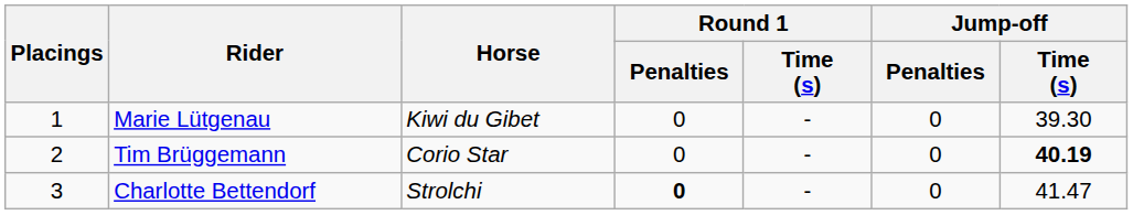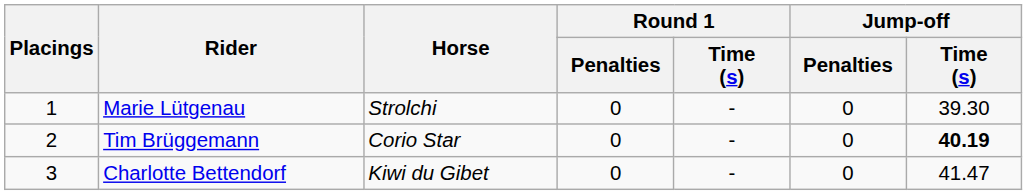 <table class="wikitable" style="font-size: 90%">
 <tr>
 <th rowspan=2 width=20>Placings </th>
 <th rowspan=2 width=180>Rider</th>
 <th rowspan=2 width=130>Horse</th>
 <th colspan=2>Round 1</th>
 <th colspan=2>Jump-off</th>
 </tr>
 <tr>
 <th width=75>Penalties</th>
 <th width=75>Time<br>(<a href='#'>s</a>)</th>
 <th width=75>Penalties</th>
 <th width=75>Time<br>(<a href='#'>s</a>)</th>
 </tr>
 <tr>
 <td align=center>1</td>
 <td> <a href='#'>Marie Lütgenau</a></td>
-<td><em>Kiwi du Gibet</em></td>
+<td><em>Strolchi</em></td>
 <td align=center>0</td>
 <td align=center>-</td>
 <td align=center>0</td>
 <td align=center>39.30</td>
 </tr>
 <tr>
 <td align=center>2</td>
 <td> <a href='#'>Tim Brüggemann</a></td>
 <td><em>Corio Star</em></td>
 <td align=center>0</td>
 <td align=center>-</td>
 <td align=center>0</td>
 <td align=center><strong>40.19</strong></td>
 </tr>
 <tr>
 <td align=center>3</td>
 <td> <a href='#'>Charlotte Bettendorf</a></td>
-<td><em>Strolchi</em></td>
-<td align=center><strong>0</strong></td>
+<td><em>Kiwi du Gibet</em></td>
+<td align=center>0</td>
 <td align=center>-</td>
 <td align=center>0</td>
 <td align=center>41.47</td>
 </tr>
 </table>
